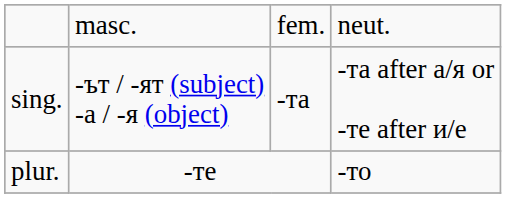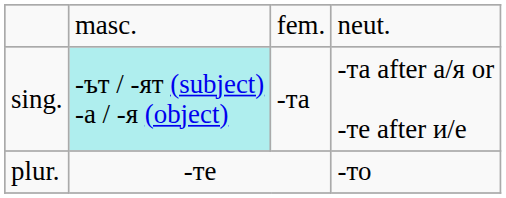 <table class="wikitable" align="center">
 <tr>
 <td></td>
 <td>masc.</td>
 <td>fem.</td>
 <td>neut.</td>
 </tr>
 <tr>
 <td>sing.</td>
-<td>-ът / -ят <a href='#'>(subject)</a><br>-a / -я <a href='#'>(object)</a></td>
+<td style="background: paleturquoise;">-ът / -ят <a href='#'>(subject)</a><br>-a / -я <a href='#'>(object)</a></td>
 <td>-та</td>
 <td>-та after а/я or <br><br>-те after и/е</td>
 </tr>
 <tr>
 <td>plur.</td>
 <td colspan="2" align="center">-те</td>
 <td>-то</td>
 </tr>
 </table>
